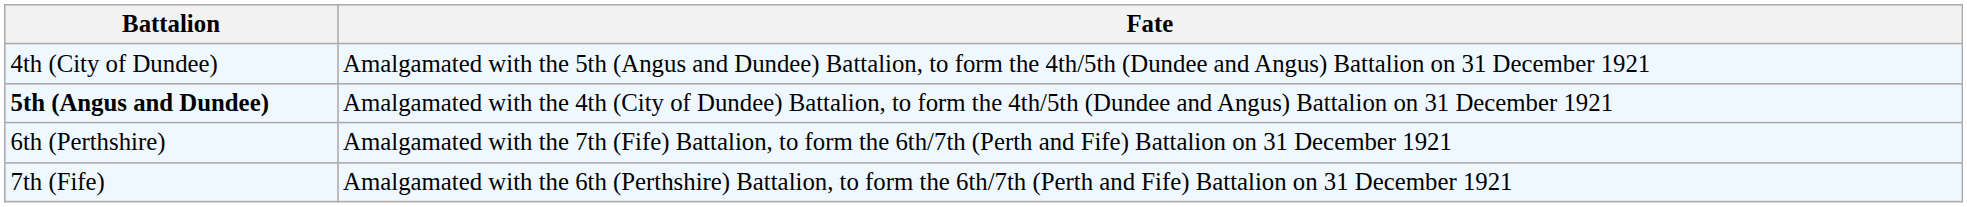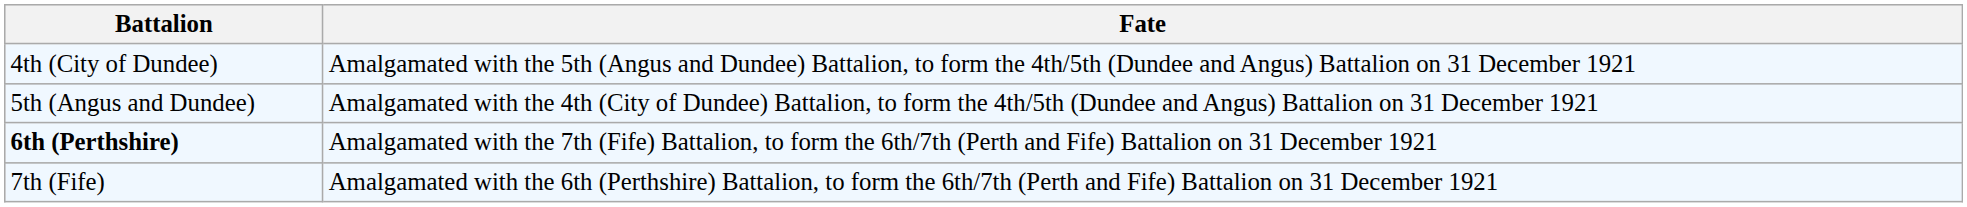 <table class="wikitable" style="width:100%;">
 <tr>
 <th>Battalion</th>
 <th>Fate</th>
 </tr>
 <tr style="background:#f0f8ff;">
 <td>4th (City of Dundee)</td>
 <td>Amalgamated with the 5th (Angus and Dundee) Battalion, to form the 4th/5th (Dundee and Angus) Battalion on 31 December 1921</td>
 </tr>
 <tr style="background:#f0f8ff;">
-<td><strong>5th (Angus and Dundee)</strong></td>
+<td>5th (Angus and Dundee)</td>
 <td>Amalgamated with the 4th (City of Dundee) Battalion, to form the 4th/5th (Dundee and Angus) Battalion on 31 December 1921</td>
 </tr>
 <tr style="background:#f0f8ff;">
-<td>6th (Perthshire)</td>
+<td><strong>6th (Perthshire)</strong></td>
 <td>Amalgamated with the 7th (Fife) Battalion, to form the 6th/7th (Perth and Fife) Battalion on 31 December 1921</td>
 </tr>
 <tr style="background:#f0f8ff;">
 <td>7th (Fife)</td>
 <td>Amalgamated with the 6th (Perthshire) Battalion, to form the 6th/7th (Perth and Fife) Battalion on 31 December 1921</td>
 </tr>
 </table>
